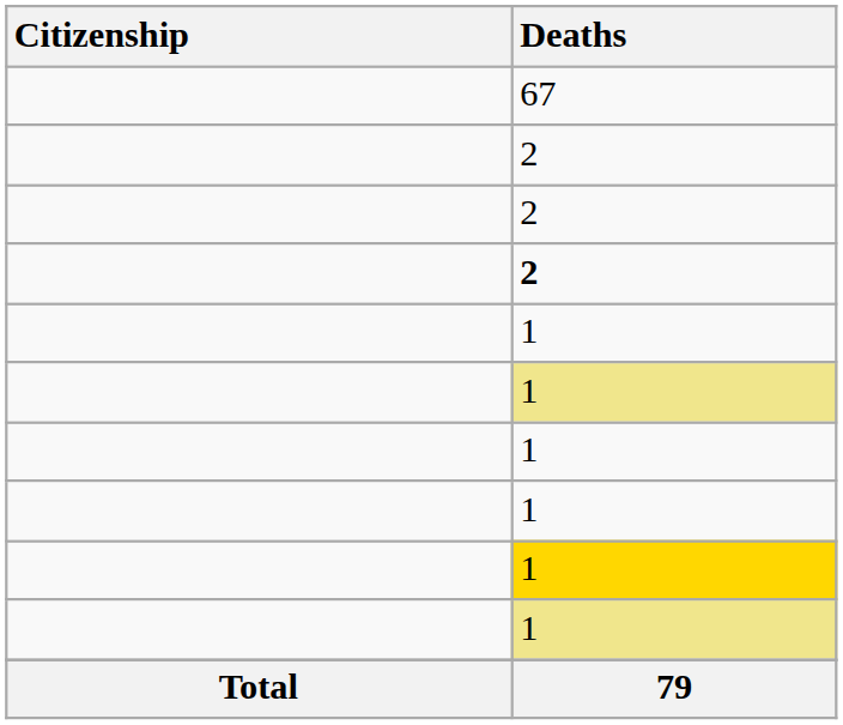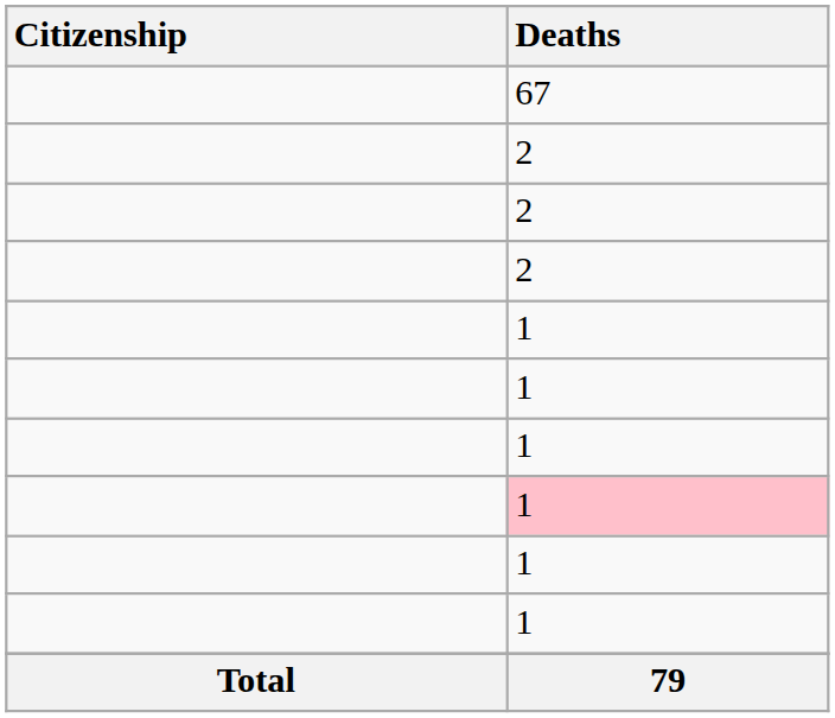 <table class="wikitable sortable floatright" style="font-size:86%; margin:0 0 1.5em 1.5em; width:20%">
 <tr>
 <th style="text-align:left;">Citizenship</th>
 <th style="text-align:left;">Deaths</th>
 </tr>
 <tr>
 <td style="text-align:left;"></td>
 <td>67</td>
 </tr>
 <tr>
 <td style="text-align:left;"></td>
 <td>2</td>
 </tr>
 <tr>
 <td style="text-align:left;"></td>
 <td>2</td>
 </tr>
 <tr>
 <td style="text-align:left;"></td>
-<td><strong>2</strong></td>
-</tr>
-<tr>
-<td style="text-align:left;"></td>
-<td>1</td>
-</tr>
-<tr>
-<td style="text-align:left;"></td>
-<td style="background: khaki;">1</td>
+<td>2</td>
 </tr>
 <tr>
 <td style="text-align:left;"></td>
 <td>1</td>
 </tr>
 <tr>
 <td style="text-align:left;"></td>
 <td>1</td>
 </tr>
 <tr>
 <td style="text-align:left;"></td>
-<td style="background: gold;">1</td>
+<td>1</td>
 </tr>
 <tr>
 <td style="text-align:left;"></td>
-<td style="background: khaki;">1</td>
+<td style="background: pink;">1</td>
+</tr>
+<tr>
+<td style="text-align:left;"></td>
+<td>1</td>
+</tr>
+<tr>
+<td style="text-align:left;"></td>
+<td>1</td>
 </tr>
 <tr>
 </tr>
 <tr class="sortbottom">
 <th><strong>Total</strong></th>
 <th><strong>79</strong></th>
 </tr>
 </table>
